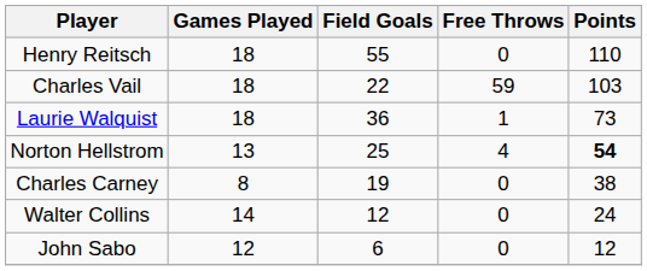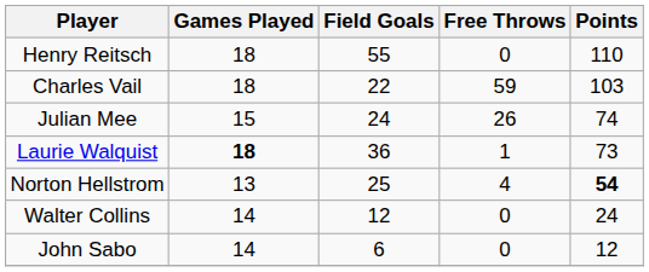 <table class="wikitable sortable">
 <tr>
 <th>Player</th>
 <th>Games Played</th>
 <th>Field Goals</th>
 <th>Free Throws</th>
 <th>Points</th>
 </tr>
 <tr align="center" bgcolor="">
 <td>Henry Reitsch</td>
 <td>18</td>
 <td>55</td>
 <td>0</td>
 <td>110</td>
 </tr>
 <tr align="center" bgcolor="">
 <td>Charles Vail</td>
 <td>18</td>
 <td>22</td>
 <td>59</td>
 <td>103</td>
 </tr>
 <tr align="center" bgcolor="">
+<td>Julian Mee</td>
+<td>15</td>
+<td>24</td>
+<td>26</td>
+<td>74</td>
+</tr>
+<tr align="center" bgcolor="">
 <td><a href='#'>Laurie Walquist</a></td>
-<td>18</td>
+<td><strong>18</strong></td>
 <td>36</td>
 <td>1</td>
 <td>73</td>
 </tr>
 <tr align="center" bgcolor="">
 <td>Norton Hellstrom</td>
 <td>13</td>
 <td>25</td>
 <td>4</td>
 <td><strong>54</strong></td>
 </tr>
 <tr align="center" bgcolor="">
-<td>Charles Carney</td>
-<td>8</td>
-<td>19</td>
-<td>0</td>
-<td>38</td>
-</tr>
-<tr align="center" bgcolor="">
 <td>Walter Collins</td>
 <td>14</td>
 <td>12</td>
 <td>0</td>
 <td>24</td>
 </tr>
 <tr align="center" bgcolor="">
 <td>John Sabo</td>
-<td>12</td>
+<td>14</td>
 <td>6</td>
 <td>0</td>
 <td>12</td>
 </tr>
 <tr align="center" bgcolor="">
 </tr>
 </table>
